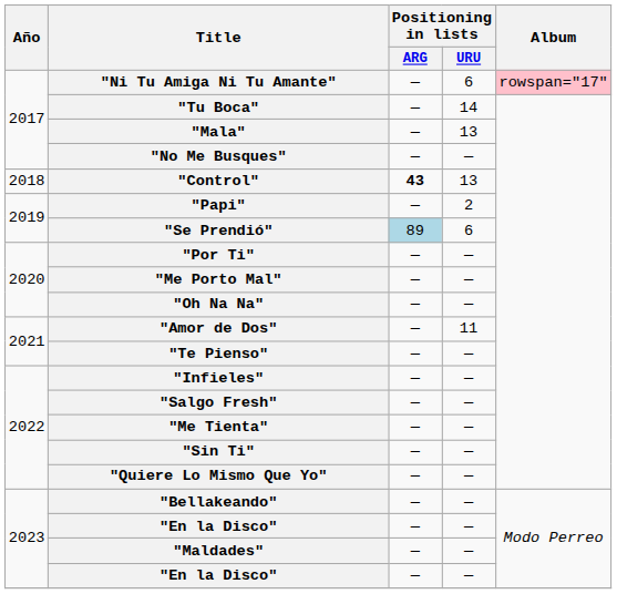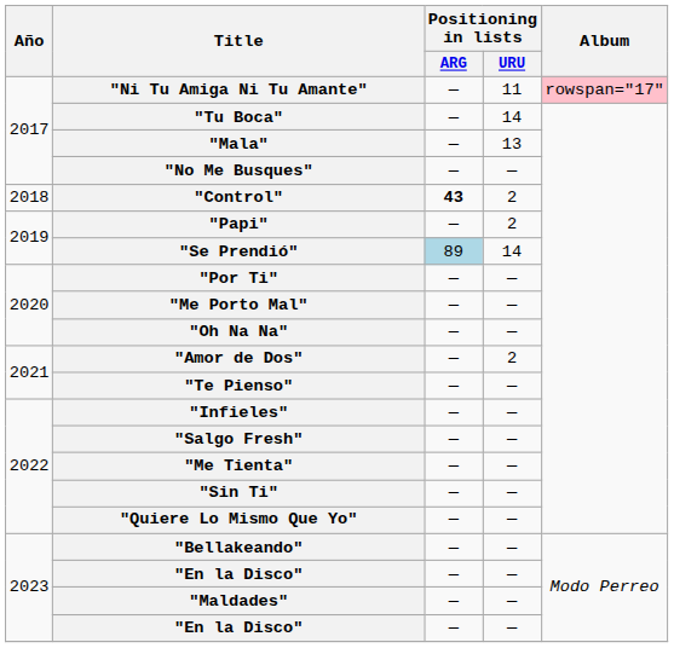 <table class="wikitable plainrowheaders" style="text-align:center;">
 <tr>
 <th scope="col" rowspan="2">Año</th>
 <th scope="col" rowspan="2" style="width:22em;">Title</th>
 <th scope="col" colspan="2">Positioning in lists</th>
 <th scope="col" rowspan="2">Album</th>
 </tr>
 <tr>
 <th scope="col" style="width:3em;font-size:90%;"><a href='#'>ARG</a><br></th>
 <th scope="col" style="width:3em;font-size:90%;"><a href='#'>URU</a><br></th>
 </tr>
 <tr>
 <td rowspan="4">2017</td>
 <th scope="row">"Ni Tu Amiga Ni Tu Amante"</th>
 <td>—</td>
-<td>6</td>
+<td>11</td>
 <td style="background: pink;">rowspan="17" </td>
 </tr>
 <tr>
 <th scope="row">"Tu Boca"</th>
 <td>—</td>
 <td>14</td>
 </tr>
 <tr>
 <th scope="row">"Mala"</th>
 <td>—</td>
 <td>13</td>
 </tr>
 <tr>
 <th scope="row">"No Me Busques"</th>
 <td>—</td>
 <td>—</td>
 </tr>
 <tr>
 <td>2018</td>
 <th scope="row">"Control"<br></th>
 <td><strong>43</strong></td>
-<td>13</td>
+<td>2</td>
 </tr>
 <tr>
 <td rowspan="2">2019</td>
 <th scope="row">"Papi" <br></th>
 <td>—</td>
 <td>2</td>
 </tr>
 <tr>
 <th scope="row">"Se Prendió"</th>
 <td style="background: lightblue;">89</td>
-<td>6</td>
+<td>14</td>
 </tr>
 <tr>
 <td rowspan="3">2020</td>
 <th scope="row">"Por Ti"</th>
 <td>—</td>
 <td>—</td>
 </tr>
 <tr>
 <th scope="row">"Me Porto Mal"<br></th>
 <td>—</td>
 <td>—</td>
 </tr>
 <tr>
 <th scope="row">"Oh Na Na"</th>
 <td>—</td>
 <td>—</td>
 </tr>
 <tr>
 <td rowspan="2">2021</td>
 <th scope="row">"Amor de Dos"<br></th>
 <td>—</td>
-<td>11</td>
+<td>2</td>
 </tr>
 <tr>
 <th scope="row">"Te Pienso"<br></th>
 <td>—</td>
 <td>—</td>
 </tr>
 <tr>
 <td rowspan="5">2022</td>
 <th scope="row">"Infieles"</th>
 <td>—</td>
 <td>—</td>
 </tr>
 <tr>
 <th scope="row">"Salgo Fresh"</th>
 <td>—</td>
 <td>—</td>
 </tr>
 <tr>
 <th scope="row">"Me Tienta" <br></th>
 <td>—</td>
 <td>—</td>
 </tr>
 <tr>
 <th scope="row">"Sin Ti" <br></th>
 <td>—</td>
 <td>—</td>
 </tr>
 <tr>
 <th scope="row">"Quiere Lo Mismo Que Yo" </th>
 <td>—</td>
 <td>—</td>
 </tr>
 <tr>
 <td rowspan="4">2023</td>
 <th scope="row">"Bellakeando" <br></th>
 <td>—</td>
 <td>—</td>
 <td rowspan="4"><em>Modo Perreo</em></td>
 </tr>
 <tr>
 <th scope="row">"En la Disco" <br></th>
 <td>—</td>
 <td>—</td>
 </tr>
 <tr>
 <th scope="row">"Maldades" <br></th>
 <td>—</td>
 <td>—</td>
 </tr>
 <tr>
 <th scope="row">"En la Disco" <br></th>
 <td>—</td>
 <td>—</td>
 </tr>
 <tr>
 </tr>
 </table>
